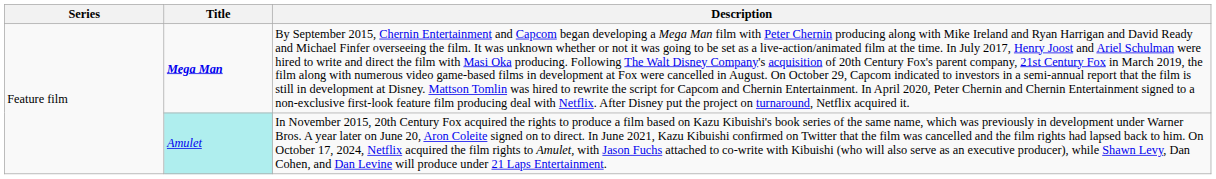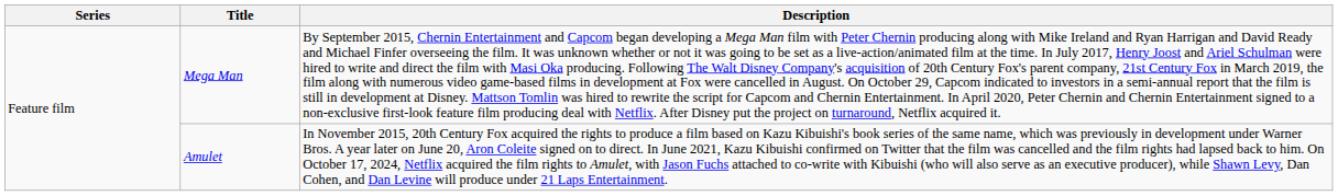 <table class="wikitable">
 <tr>
 <th style="width:150pt;">Series</th>
 <th style="width:100pt;">Title</th>
 <th>Description</th>
 </tr>
 <tr>
 <td rowspan="2">Feature film</td>
-<td><strong><em><a href='#'>Mega Man</a></em></strong></td>
+<td><em><a href='#'>Mega Man</a></em></td>
 <td>By September 2015, <a href='#'>Chernin Entertainment</a> and <a href='#'>Capcom</a> began developing a <em>Mega Man</em> film with <a href='#'>Peter Chernin</a> producing along with Mike Ireland and Ryan Harrigan and David Ready and Michael Finfer overseeing the film. It was unknown whether or not it was going to be set as a live-action/animated film at the time. In July 2017, <a href='#'>Henry Joost</a> and <a href='#'>Ariel Schulman</a> were hired to write and direct the film with <a href='#'>Masi Oka</a> producing. Following <a href='#'>The Walt Disney Company</a>'s <a href='#'>acquisition</a> of 20th Century Fox's parent company, <a href='#'>21st Century Fox</a> in March 2019, the film along with numerous video game-based films in development at Fox were cancelled in August. On October 29, Capcom indicated to investors in a semi-annual report that the film is still in development at Disney. <a href='#'>Mattson Tomlin</a> was hired to rewrite the script for Capcom and Chernin Entertainment. In April 2020, Peter Chernin and Chernin Entertainment signed to a non-exclusive first-look feature film producing deal with <a href='#'>Netflix</a>. After Disney put the project on <a href='#'>turnaround</a>, Netflix acquired it.</td>
 </tr>
 <tr>
-<td style="background: paleturquoise;"><em><a href='#'>Amulet</a></em></td>
+<td><em><a href='#'>Amulet</a></em></td>
 <td>In November 2015, 20th Century Fox acquired the rights to produce a film based on Kazu Kibuishi's book series of the same name, which was previously in development under Warner Bros. A year later on June 20, <a href='#'>Aron Coleite</a> signed on to direct. In June 2021, Kazu Kibuishi confirmed on Twitter that the film was cancelled and the film rights had lapsed back to him. On October 17, 2024, <a href='#'>Netflix</a> acquired the film rights to <em>Amulet</em>, with <a href='#'>Jason Fuchs</a> attached to co-write with Kibuishi (who will also serve as an executive producer), while <a href='#'>Shawn Levy</a>, Dan Cohen, and <a href='#'>Dan Levine</a> will produce under <a href='#'>21 Laps Entertainment</a>.</td>
 </tr>
 </table>
